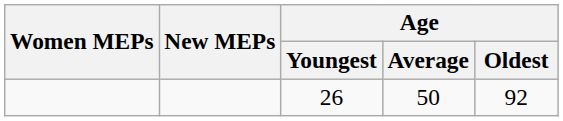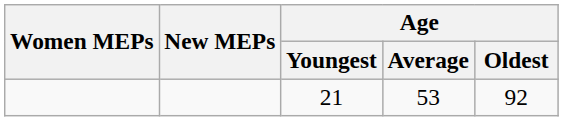 <table class="wikitable">
 <tr>
 <th rowspan=2>Women MEPs</th>
 <th rowspan=2>New MEPs</th>
 <th colspan=3>Age</th>
 </tr>
 <tr>
 <th>Youngest</th>
 <th>Average</th>
 <th>Oldest</th>
 </tr>
 <tr>
 <td></td>
 <td></td>
-<td align="center" style="width:50px;">26</td>
-<td align="center" style="width:50px;">50</td>
+<td align="center" style="width:50px;">21</td>
+<td align="center" style="width:50px;">53</td>
 <td align="center" style="width:50px;">92</td>
 </tr>
 </table>
